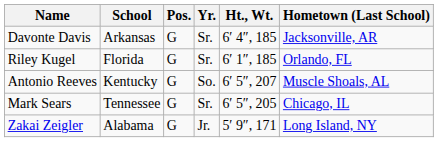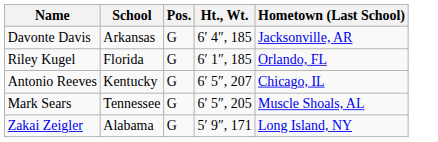 <table class="wikitable">
 <tr>
 <th>Name</th>
 <th>School</th>
 <th>Pos.</th>
-<th>Yr.</th>
 <th>Ht., Wt.</th>
 <th>Hometown (Last School)</th>
 </tr>
 <tr>
 <td>Davonte Davis</td>
 <td>Arkansas</td>
 <td>G</td>
-<td>Sr.</td>
 <td>6′ 4″, 185</td>
 <td><a href='#'>Jacksonville, AR</a></td>
 </tr>
 <tr>
 <td>Riley Kugel</td>
 <td>Florida</td>
 <td>G</td>
-<td>Sr.</td>
 <td>6′ 1″, 185</td>
 <td><a href='#'>Orlando, FL</a></td>
 </tr>
 <tr>
 <td>Antonio Reeves</td>
 <td>Kentucky</td>
 <td>G</td>
-<td>So.</td>
 <td>6′ 5″, 207</td>
-<td><a href='#'>Muscle Shoals, AL</a></td>
+<td><a href='#'>Chicago, IL</a></td>
 </tr>
 <tr>
 <td>Mark Sears</td>
 <td>Tennessee</td>
 <td>G</td>
-<td> Sr.</td>
 <td>6′ 5″, 205</td>
-<td><a href='#'>Chicago, IL</a></td>
+<td><a href='#'>Muscle Shoals, AL</a></td>
 </tr>
 <tr>
 <td><a href='#'>Zakai Zeigler</a></td>
 <td>Alabama</td>
 <td>G</td>
-<td>Jr.</td>
 <td>5′ 9″, 171</td>
 <td><a href='#'>Long Island, NY</a></td>
 </tr>
 </table>
